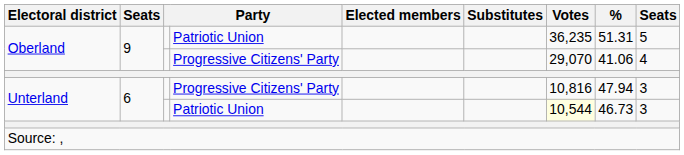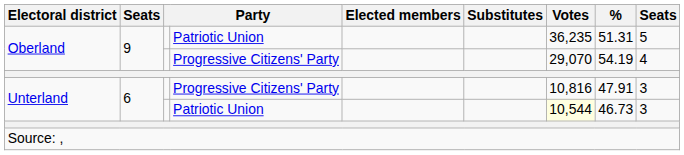 <table class="wikitable">
 <tr>
 <th>Electoral district</th>
 <th>Seats</th>
 <th colspan="2">Party</th>
 <th>Elected members</th>
 <th>Substitutes</th>
 <th>Votes</th>
 <th>%</th>
 <th>Seats</th>
 </tr>
 <tr>
 <td rowspan="2"><a href='#'>Oberland</a></td>
 <td rowspan="2">9</td>
 <td></td>
 <td><a href='#'>Patriotic Union</a></td>
 <td></td>
 <td></td>
 <td>36,235</td>
 <td>51.31</td>
 <td>5</td>
 </tr>
 <tr>
 <td></td>
 <td><a href='#'>Progressive Citizens' Party</a></td>
 <td></td>
 <td></td>
 <td>29,070</td>
-<td>41.06</td>
+<td>54.19</td>
 <td>4</td>
 </tr>
 <tr>
 <th colspan="9"></th>
 </tr>
 <tr>
 <td rowspan="2"><a href='#'>Unterland</a></td>
 <td rowspan="2">6</td>
 <td></td>
 <td><a href='#'>Progressive Citizens' Party</a></td>
 <td></td>
 <td></td>
 <td>10,816</td>
-<td>47.94</td>
+<td>47.91</td>
 <td>3</td>
 </tr>
 <tr>
 <td></td>
 <td><a href='#'>Patriotic Union</a></td>
 <td></td>
 <td></td>
 <td style="background: lightyellow;">10,544</td>
 <td>46.73</td>
 <td>3</td>
 </tr>
 <tr>
 <th colspan="9"></th>
 </tr>
 <tr>
 <td colspan="9">Source: , </td>
 </tr>
 </table>
